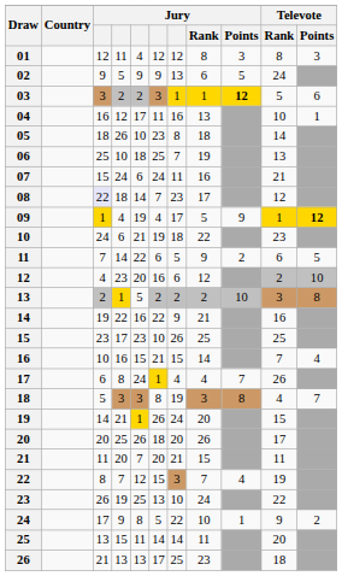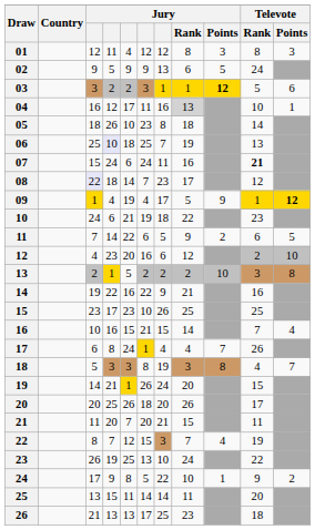 <table class="sortable wikitable collapsible plainrowheaders" style="text-align:center;">
 <tr>
 </tr>
 <tr>
 <th scope="col" rowspan="2">Draw</th>
 <th scope="col" rowspan="2">Country</th>
 <th scope="col" colspan="7">Jury</th>
 <th scope="col" colspan="2">Televote</th>
 </tr>
 <tr>
 <th scope="col"><small></small></th>
 <th scope="col"><small></small></th>
 <th scope="col"><small></small></th>
 <th scope="col"><small></small></th>
 <th scope="col"><small></small></th>
 <th scope="col">Rank</th>
 <th scope="col">Points</th>
 <th scope="col">Rank</th>
 <th scope="col">Points</th>
 </tr>
 <tr>
 <th scope="row" style="text-align:center;">01</th>
 <td style="text-align:left;"></td>
 <td>12</td>
 <td>11</td>
 <td>4</td>
 <td>12</td>
 <td>12</td>
 <td>8</td>
 <td>3</td>
 <td>8</td>
 <td>3</td>
 </tr>
 <tr>
 <th scope="row" style="text-align:center;">02</th>
 <td style="text-align:left;"></td>
 <td>9</td>
 <td>5</td>
 <td>9</td>
 <td>9</td>
 <td>13</td>
 <td>6</td>
 <td>5</td>
 <td>24</td>
 <td style="background:#AAAAAA;"></td>
 </tr>
 <tr>
 <th scope="row" style="text-align:center;">03</th>
 <td style="text-align:left;"></td>
 <td style="background:#CC9966;">3</td>
 <td style="background:silver;">2</td>
 <td style="background:silver;">2</td>
 <td style="background:#CC9966;">3</td>
 <td style="background:gold;">1</td>
 <td style="background:gold;">1</td>
 <td style="background:gold;"><strong>12</strong></td>
 <td>5</td>
 <td>6</td>
 </tr>
 <tr>
 <th scope="row" style="text-align:center;">04</th>
 <td style="text-align:left;"></td>
 <td>16</td>
 <td>12</td>
 <td>17</td>
 <td>11</td>
 <td>16</td>
-<td>13</td>
+<td style="background: lightgrey;">13</td>
 <td style="background:#AAAAAA;"></td>
 <td>10</td>
 <td>1</td>
 </tr>
 <tr>
 <th scope="row" style="text-align:center;">05</th>
 <td style="text-align:left;"></td>
 <td>18</td>
 <td>26</td>
 <td>10</td>
 <td>23</td>
 <td>8</td>
 <td>18</td>
 <td style="background:#AAAAAA;"></td>
 <td>14</td>
 <td style="background:#AAAAAA;"></td>
 </tr>
 <tr>
 <th scope="row" style="text-align:center;">06</th>
 <td style="text-align:left;"></td>
 <td>25</td>
-<td>10</td>
+<td style="background: lavender;">10</td>
 <td>18</td>
 <td>25</td>
 <td>7</td>
 <td>19</td>
 <td style="background:#AAAAAA;"></td>
 <td>13</td>
 <td style="background:#AAAAAA;"></td>
 </tr>
 <tr>
 <th scope="row" style="text-align:center;">07</th>
 <td style="text-align:left;"></td>
 <td>15</td>
 <td>24</td>
 <td>6</td>
 <td>24</td>
 <td>11</td>
 <td>16</td>
 <td style="background:#AAAAAA;"></td>
-<td>21</td>
+<td><strong>21</strong></td>
 <td style="background:#AAAAAA;"></td>
 </tr>
 <tr>
 <th scope="row" style="text-align:center;">08</th>
 <td style="text-align:left;"></td>
 <td style="background: lavender;">22</td>
 <td>18</td>
 <td>14</td>
 <td>7</td>
 <td>23</td>
 <td>17</td>
 <td style="background:#AAAAAA;"></td>
 <td>12</td>
 <td style="background:#AAAAAA;"></td>
 </tr>
 <tr>
 <th scope="row" style="text-align:center;">09</th>
 <td style="text-align:left;"></td>
 <td style="background:gold;">1</td>
 <td>4</td>
 <td>19</td>
 <td>4</td>
 <td>17</td>
 <td>5</td>
 <td>9</td>
 <td style="background:gold;">1</td>
 <td style="background:gold;"><strong>12</strong></td>
 </tr>
 <tr>
 <th scope="row" style="text-align:center;">10</th>
 <td style="text-align:left;"></td>
 <td>24</td>
 <td>6</td>
 <td>21</td>
 <td>19</td>
 <td>18</td>
 <td>22</td>
 <td style="background:#AAAAAA;"></td>
 <td>23</td>
 <td style="background:#AAAAAA;"></td>
 </tr>
 <tr>
 <th scope="row" style="text-align:center;">11</th>
 <td style="text-align:left;"></td>
 <td>7</td>
 <td>14</td>
 <td>22</td>
 <td>6</td>
 <td>5</td>
 <td>9</td>
 <td>2</td>
 <td>6</td>
 <td>5</td>
 </tr>
 <tr>
 <th scope="row" style="text-align:center;">12</th>
 <td style="text-align:left;"></td>
 <td>4</td>
 <td>23</td>
 <td>20</td>
 <td>16</td>
 <td>6</td>
 <td>12</td>
 <td style="background:#AAAAAA;"></td>
 <td style="background:silver;">2</td>
 <td style="background:silver;">10</td>
 </tr>
 <tr>
 <th scope="row" style="text-align:center;">13</th>
 <td style="text-align:left;"></td>
 <td style="background:silver;">2</td>
 <td style="background:gold;">1</td>
 <td>5</td>
 <td style="background:silver;">2</td>
 <td style="background:silver;">2</td>
 <td style="background:silver;">2</td>
 <td style="background:silver;">10</td>
 <td style="background:#CC9966;">3</td>
 <td style="background:#CC9966;">8</td>
 </tr>
 <tr>
 <th scope="row" style="text-align:center;">14</th>
 <td style="text-align:left;"></td>
 <td>19</td>
 <td>22</td>
 <td>16</td>
 <td>22</td>
 <td>9</td>
 <td>21</td>
 <td style="background:#AAAAAA;"></td>
 <td>16</td>
 <td style="background:#AAAAAA;"></td>
 </tr>
 <tr>
 <th scope="row" style="text-align:center;">15</th>
 <td style="text-align:left;"></td>
 <td>23</td>
 <td>17</td>
 <td>23</td>
 <td>10</td>
 <td>26</td>
 <td>25</td>
 <td style="background:#AAAAAA;"></td>
 <td>25</td>
 <td style="background:#AAAAAA;"></td>
 </tr>
 <tr>
 <th scope="row" style="text-align:center;">16</th>
 <td style="text-align:left;"></td>
 <td>10</td>
 <td>16</td>
 <td>15</td>
 <td>21</td>
 <td>15</td>
 <td>14</td>
 <td style="background:#AAAAAA;"></td>
 <td>7</td>
 <td>4</td>
 </tr>
 <tr>
 <th scope="row" style="text-align:center;">17</th>
 <td style="text-align:left;"></td>
 <td>6</td>
 <td>8</td>
 <td>24</td>
 <td style="background:gold;">1</td>
 <td>4</td>
 <td>4</td>
 <td>7</td>
 <td>26</td>
 <td style="background:#AAAAAA;"></td>
 </tr>
 <tr>
 <th scope="row" style="text-align:center;">18</th>
 <td style="text-align:left;"></td>
 <td>5</td>
 <td style="background:#CC9966;">3</td>
 <td style="background:#CC9966;">3</td>
 <td>8</td>
 <td>19</td>
 <td style="background:#CC9966;">3</td>
 <td style="background:#CC9966;">8</td>
 <td>4</td>
 <td>7</td>
 </tr>
 <tr>
 <th scope="row" style="text-align:center;">19</th>
 <td style="text-align:left;"></td>
 <td>14</td>
 <td>21</td>
 <td style="background:gold;">1</td>
 <td>26</td>
 <td>24</td>
 <td>20</td>
 <td style="background:#AAAAAA;"></td>
 <td>15</td>
 <td style="background:#AAAAAA;"></td>
 </tr>
 <tr>
 <th scope="row" style="text-align:center;">20</th>
 <td style="text-align:left;"></td>
 <td>20</td>
 <td>25</td>
 <td>26</td>
 <td>18</td>
 <td>20</td>
 <td>26</td>
 <td style="background:#AAAAAA;"></td>
 <td>17</td>
 <td style="background:#AAAAAA;"></td>
 </tr>
 <tr>
 <th scope="row" style="text-align:center;">21</th>
 <td style="text-align:left;"></td>
 <td>11</td>
 <td>20</td>
 <td>7</td>
 <td>20</td>
 <td>21</td>
 <td>15</td>
 <td style="background:#AAAAAA;"></td>
 <td>11</td>
 <td style="background:#AAAAAA;"></td>
 </tr>
 <tr>
 <th scope="row" style="text-align:center;">22</th>
 <td style="text-align:left;"></td>
 <td>8</td>
 <td>7</td>
 <td>12</td>
 <td>15</td>
 <td style="background:#CC9966;">3</td>
 <td>7</td>
 <td>4</td>
 <td>19</td>
 <td style="background:#AAAAAA;"></td>
 </tr>
 <tr>
 <th scope="row" style="text-align:center;">23</th>
 <td style="text-align:left;"></td>
 <td>26</td>
 <td>19</td>
 <td>25</td>
 <td>13</td>
 <td>10</td>
 <td>24</td>
 <td style="background:#AAAAAA;"></td>
 <td>22</td>
 <td style="background:#AAAAAA;"></td>
 </tr>
 <tr>
 <th scope="row" style="text-align:center;">24</th>
 <td style="text-align:left;"></td>
 <td>17</td>
 <td>9</td>
 <td>8</td>
 <td>5</td>
 <td>22</td>
 <td>10</td>
 <td>1</td>
 <td>9</td>
 <td>2</td>
 </tr>
 <tr>
 <th scope="row" style="text-align:center;">25</th>
 <td style="text-align:left;"></td>
 <td>13</td>
 <td>15</td>
 <td>11</td>
 <td>14</td>
 <td>14</td>
 <td>11</td>
 <td style="background:#AAAAAA;"></td>
 <td>20</td>
 <td style="background:#AAAAAA;"></td>
 </tr>
 <tr>
 <th scope="row" style="text-align:center;">26</th>
 <td style="text-align:left;"></td>
 <td>21</td>
 <td>13</td>
 <td>13</td>
 <td>17</td>
 <td>25</td>
 <td>23</td>
 <td style="background:#AAAAAA;"></td>
 <td>18</td>
 <td style="background:#AAAAAA;"></td>
 </tr>
 </table>
